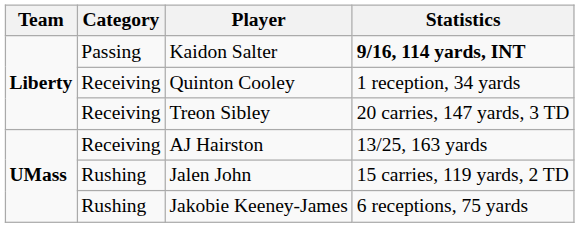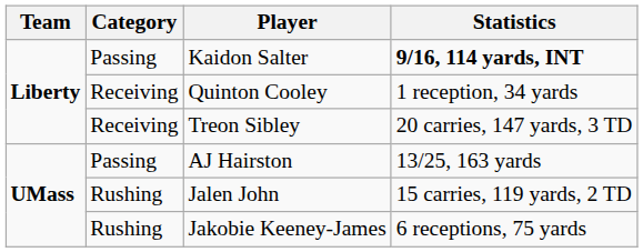 <table class="wikitable" style="float: right;">
 <tr>
 <th>Team</th>
 <th>Category</th>
 <th>Player</th>
 <th>Statistics</th>
 </tr>
 <tr>
 <td rowspan=3><strong>Liberty</strong></td>
 <td>Passing</td>
 <td>Kaidon Salter</td>
 <td><strong>9/16, 114 yards, INT</strong></td>
 </tr>
 <tr>
 <td>Receiving</td>
 <td>Quinton Cooley</td>
 <td>1 reception, 34 yards</td>
 </tr>
 <tr>
 <td>Receiving</td>
 <td>Treon Sibley</td>
 <td>20 carries, 147 yards, 3 TD</td>
 </tr>
 <tr>
 <td rowspan=3><strong>UMass</strong></td>
-<td>Receiving</td>
+<td>Passing</td>
 <td>AJ Hairston</td>
 <td>13/25, 163 yards</td>
 </tr>
 <tr>
 <td>Rushing</td>
 <td>Jalen John</td>
 <td>15 carries, 119 yards, 2 TD</td>
 </tr>
 <tr>
 <td>Rushing</td>
 <td>Jakobie Keeney-James</td>
 <td>6 receptions, 75 yards</td>
 </tr>
 </table>
